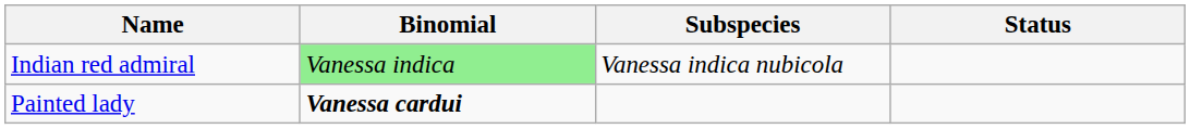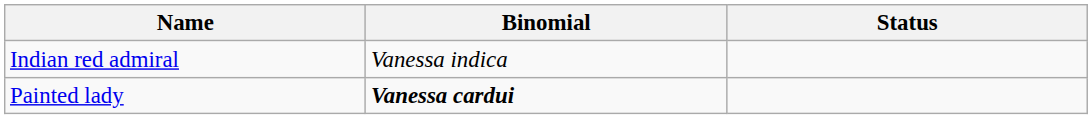 <table width=60% class="wikitable">
 <tr>
 <th width=20%>Name</th>
 <th width=20%>Binomial</th>
-<th width=20%>Subspecies</th>
 <th width=20%>Status</th>
 </tr>
 <tr>
 <td><a href='#'>Indian red admiral</a><br> </td>
-<td style="background: lightgreen;"><em>Vanessa indica</em></td>
-<td><em>Vanessa indica nubicola</em></td>
+<td><em>Vanessa indica</em></td>
 <td></td>
 </tr>
 <tr>
 <td><a href='#'>Painted lady</a><br> </td>
 <td><strong><em>Vanessa cardui</em></strong></td>
 <td></td>
-<td></td>
 </tr>
 </table>
